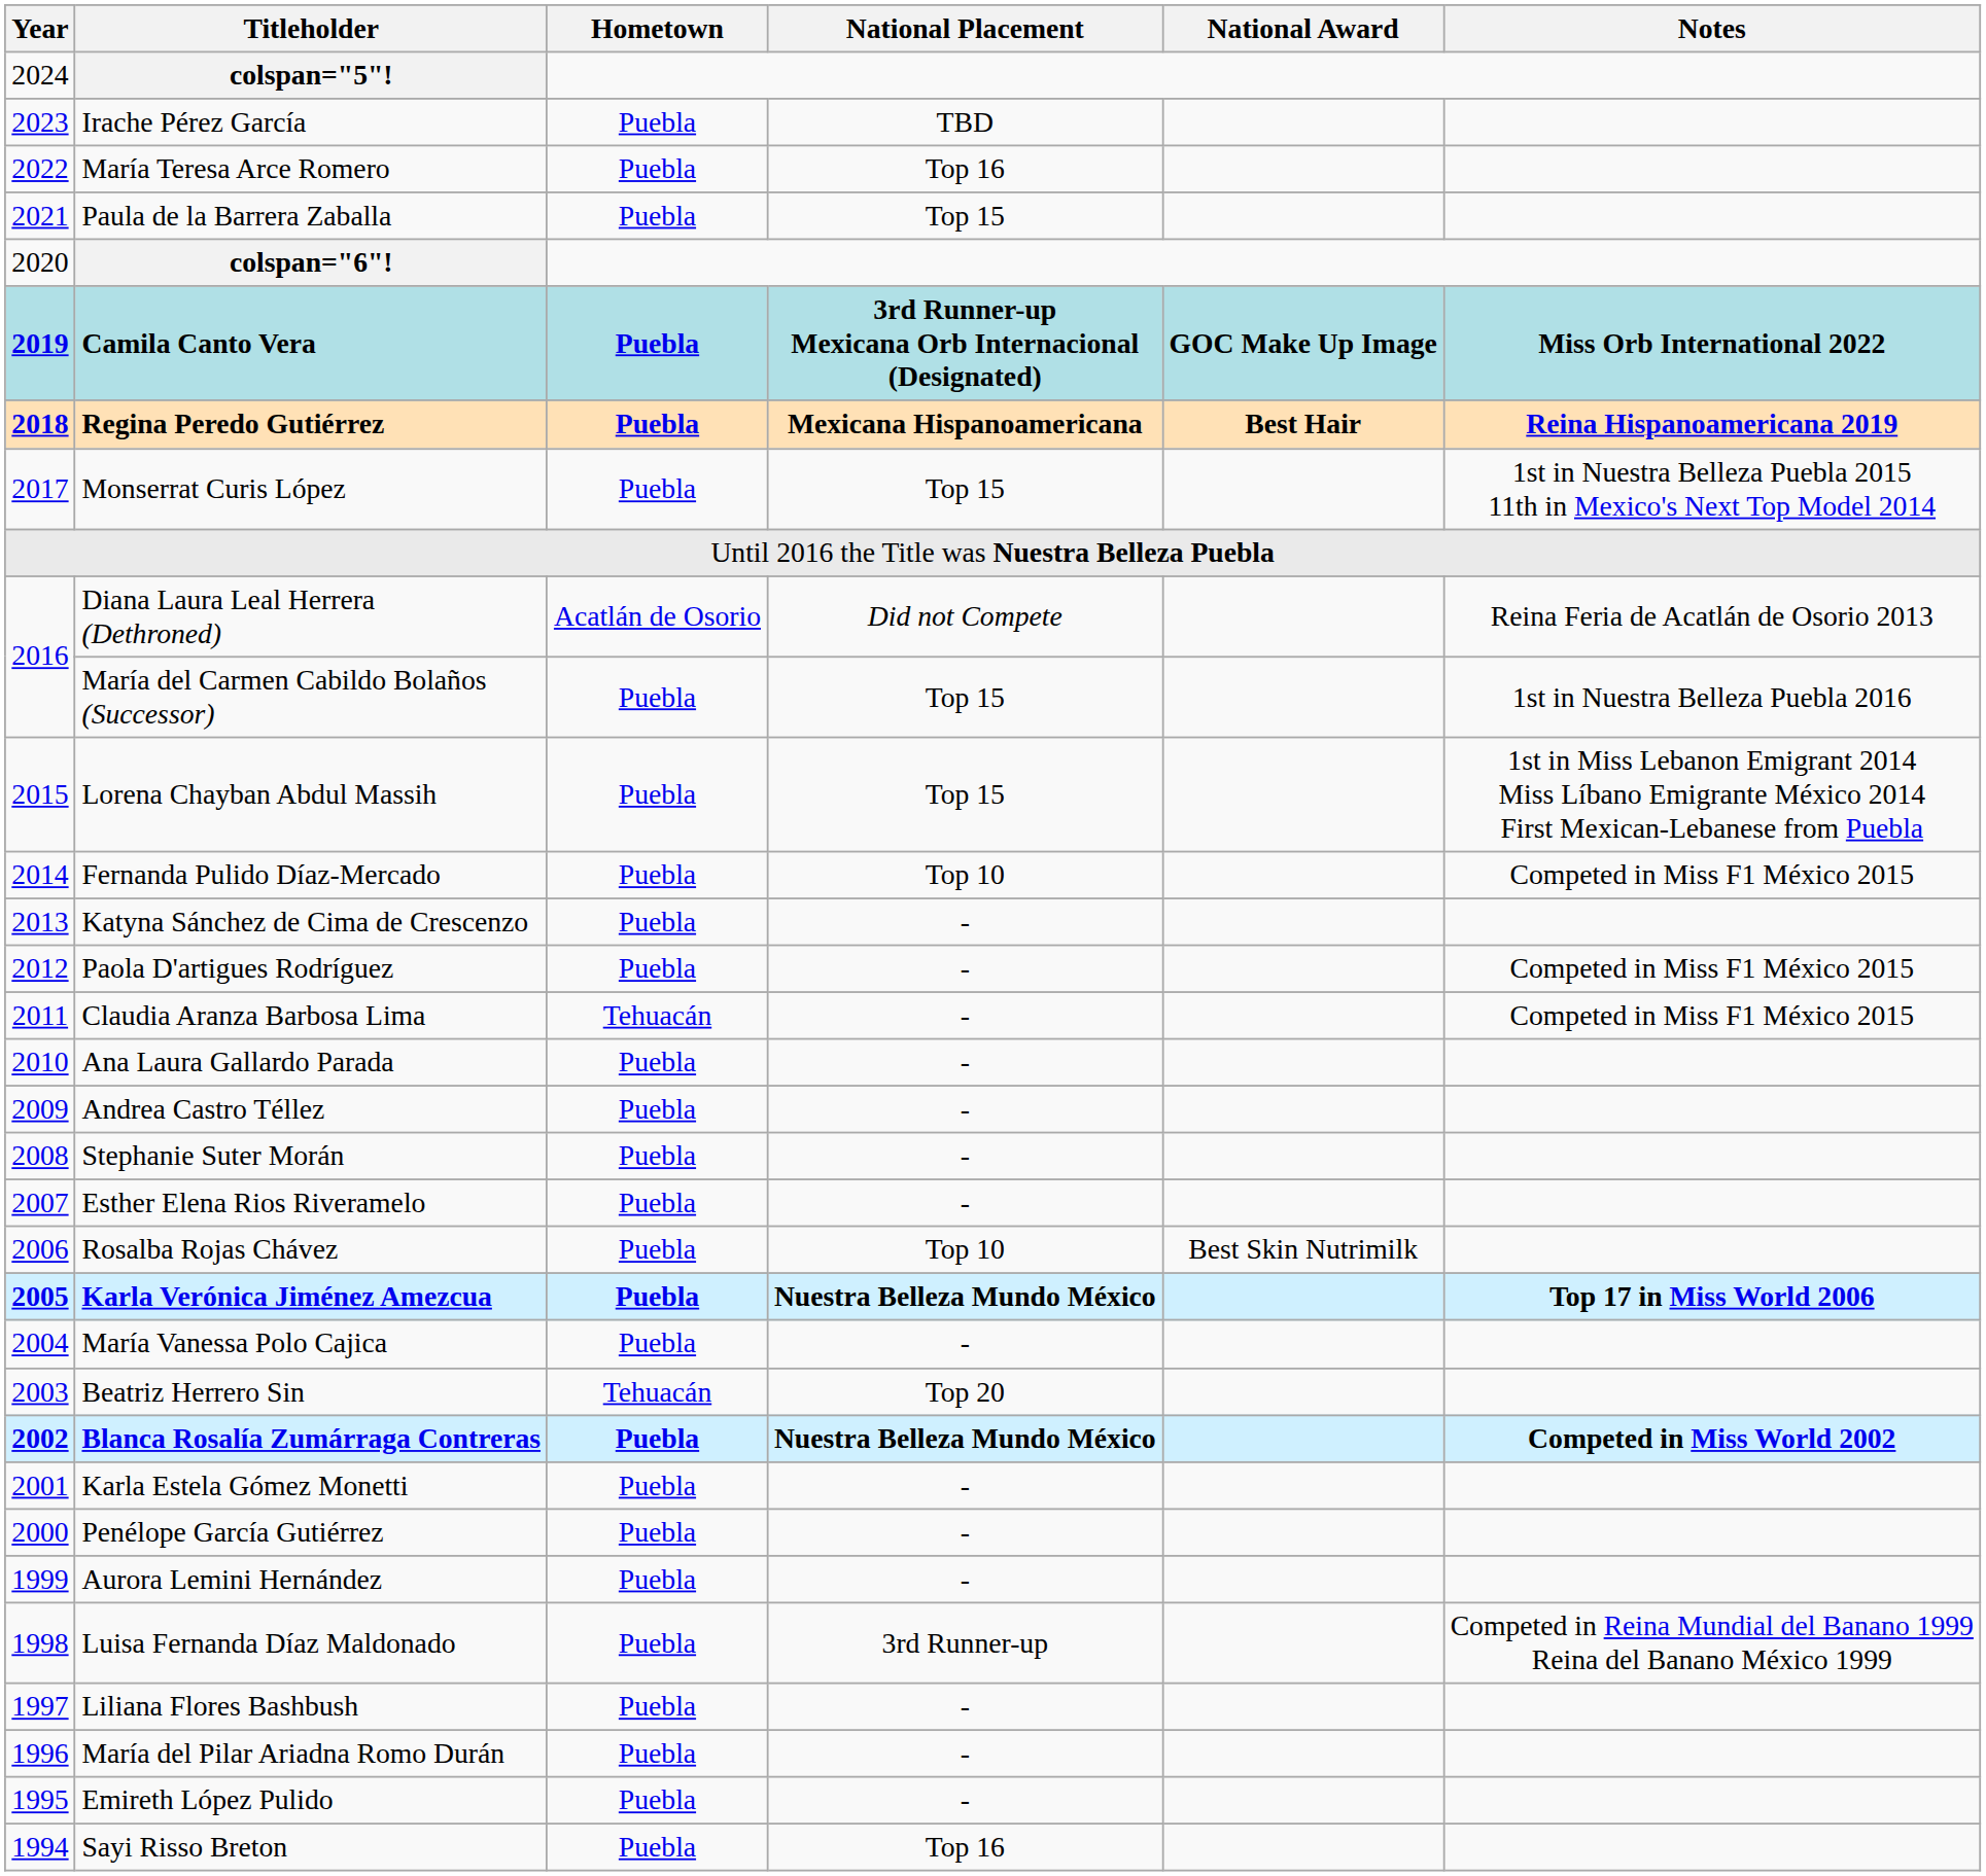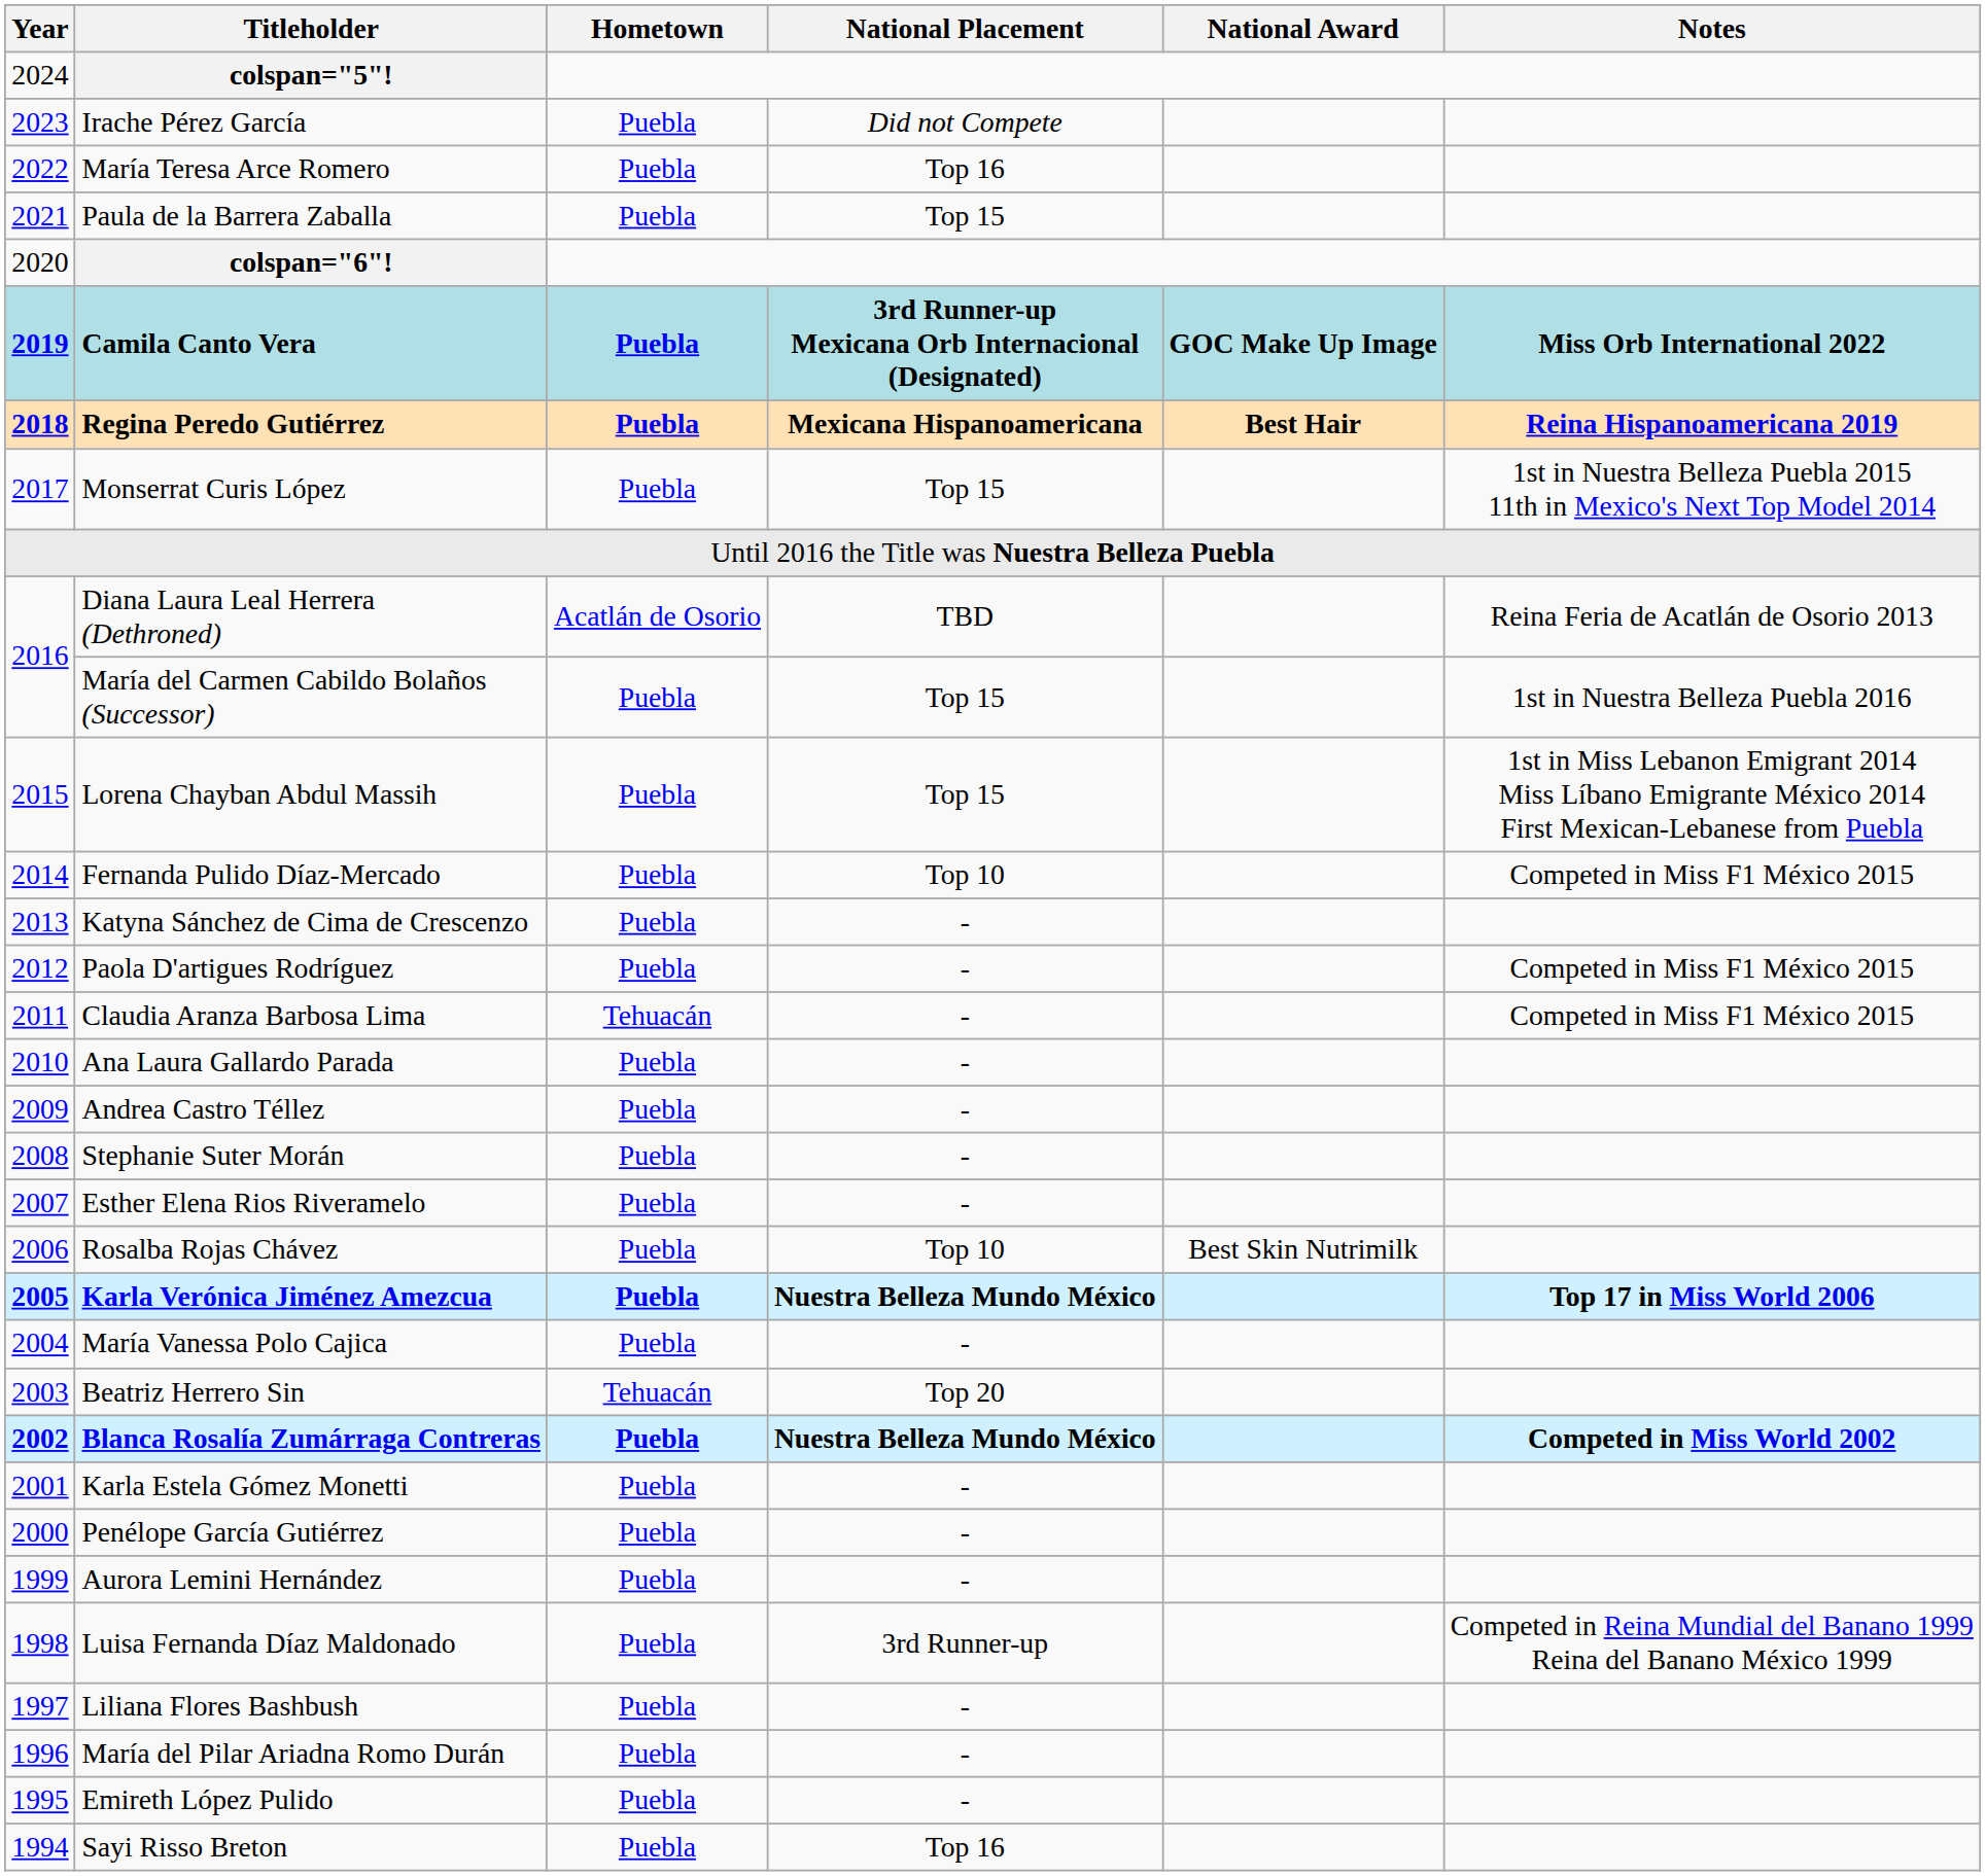 <table class="wikitable sortable" style="font-size:95%;">
 <tr>
 <th>Year</th>
 <th>Titleholder</th>
 <th>Hometown</th>
 <th>National Placement</th>
 <th>National Award</th>
 <th>Notes</th>
 </tr>
 <tr>
 <td align="center">2024</td>
 <th>colspan="5"!</th>
 </tr>
 <tr>
 <td align="center"><a href='#'>2023</a></td>
 <td>Irache Pérez García</td>
 <td align="center"><a href='#'>Puebla</a></td>
-<td align="center">TBD</td>
+<td align="center"><em>Did not Compete</em></td>
 <td align="center"></td>
 <td align="center"></td>
 </tr>
 <tr>
 <td align="center"><a href='#'>2022</a></td>
 <td>María Teresa Arce Romero</td>
 <td align="center"><a href='#'>Puebla</a></td>
 <td align="center">Top 16</td>
 <td align="center"></td>
 <td align="center"></td>
 </tr>
 <tr>
 <td align="center"><a href='#'>2021</a></td>
 <td>Paula de la Barrera Zaballa</td>
 <td align="center"><a href='#'>Puebla</a></td>
 <td align="center">Top 15</td>
 <td align="center"></td>
 <td align="center"></td>
 </tr>
 <tr>
 <td align="center">2020</td>
 <th>colspan="6"!</th>
 </tr>
 <tr bgcolor="#B0E0E6">
 <td align="center"><strong><a href='#'>2019</a></strong></td>
 <td><strong>Camila Canto Vera</strong></td>
 <td align="center"><strong><a href='#'>Puebla</a></strong></td>
 <td align="center"><strong>3rd Runner-up<br>Mexicana Orb Internacional<br>(Designated)</strong></td>
 <td align="center"><strong>GOC Make Up Image</strong></td>
 <td align="center"><strong>Miss Orb International 2022</strong></td>
 </tr>
 <tr bgcolor="#FFE1B6">
 <td align="center"><strong><a href='#'>2018</a></strong></td>
 <td><strong>Regina Peredo Gutiérrez </strong></td>
 <td align="center"><strong><a href='#'>Puebla</a></strong></td>
 <td align="center"><strong>Mexicana Hispanoamericana</strong></td>
 <td align="center"><strong>Best Hair</strong></td>
 <td align="center"><strong><a href='#'>Reina Hispanoamericana 2019</a></strong></td>
 </tr>
 <tr>
 <td align="center"><a href='#'>2017</a></td>
 <td>Monserrat Curis López</td>
 <td align="center"><a href='#'>Puebla</a></td>
 <td align="center">Top 15</td>
 <td align="center"></td>
 <td align="center">1st in Nuestra Belleza Puebla 2015<br>11th in <a href='#'>Mexico's Next Top Model 2014</a></td>
 </tr>
 <tr>
 <td colspan="7" bgcolor="#EAEAEA" style="text-align:center;">Until 2016 the Title was <strong>Nuestra Belleza Puebla</strong></td>
 </tr>
 <tr>
 <td rowspan=2 align="center"><a href='#'>2016</a></td>
 <td>Diana Laura Leal Herrera<br><em>(Dethroned)</em></td>
 <td align="center"><a href='#'>Acatlán de Osorio</a></td>
-<td align="center"><em>Did not Compete</em></td>
+<td align="center">TBD</td>
 <td align="center"></td>
 <td align="center">Reina Feria de Acatlán de Osorio 2013</td>
 </tr>
 <tr>
 <td>María del Carmen Cabildo Bolaños<br><em>(Successor)</em></td>
 <td align="center"><a href='#'>Puebla</a></td>
 <td align="center">Top 15</td>
 <td align="center"></td>
 <td align="center">1st in Nuestra Belleza Puebla 2016</td>
 </tr>
 <tr>
 <td align="center"><a href='#'>2015</a></td>
 <td>Lorena Chayban Abdul Massih</td>
 <td align="center"><a href='#'>Puebla</a></td>
 <td align="center">Top 15</td>
 <td align="center"></td>
 <td align="center">1st in Miss Lebanon Emigrant 2014<br>Miss Líbano Emigrante México 2014<br>First Mexican-Lebanese from <a href='#'>Puebla</a></td>
 </tr>
 <tr>
 <td align="center"><a href='#'>2014</a></td>
 <td>Fernanda Pulido Díaz-Mercado</td>
 <td align="center"><a href='#'>Puebla</a></td>
 <td align="center">Top 10</td>
 <td align="center"></td>
 <td align="center">Competed in Miss F1 México 2015</td>
 </tr>
 <tr>
 <td align="center"><a href='#'>2013</a></td>
 <td>Katyna Sánchez de Cima de Crescenzo</td>
 <td align="center"><a href='#'>Puebla</a></td>
 <td align="center">-</td>
 <td align="center"></td>
 <td align="center"></td>
 </tr>
 <tr>
 <td align="center"><a href='#'>2012</a></td>
 <td>Paola D'artigues Rodríguez</td>
 <td align="center"><a href='#'>Puebla</a></td>
 <td align="center">-</td>
 <td align="center"></td>
 <td align="center">Competed in Miss F1 México 2015</td>
 </tr>
 <tr>
 <td align="center"><a href='#'>2011</a></td>
 <td>Claudia Aranza Barbosa Lima</td>
 <td align="center"><a href='#'>Tehuacán</a></td>
 <td align="center">-</td>
 <td align="center"></td>
 <td align="center">Competed in Miss F1 México 2015</td>
 </tr>
 <tr>
 <td align="center"><a href='#'>2010</a></td>
 <td>Ana Laura Gallardo Parada</td>
 <td align="center"><a href='#'>Puebla</a></td>
 <td align="center">-</td>
 <td align="center"></td>
 <td align="center"></td>
 </tr>
 <tr>
 <td align="center"><a href='#'>2009</a></td>
 <td>Andrea Castro Téllez</td>
 <td align="center"><a href='#'>Puebla</a></td>
 <td align="center">-</td>
 <td align="center"></td>
 <td align="center"></td>
 </tr>
 <tr>
 <td align="center"><a href='#'>2008</a></td>
 <td>Stephanie Suter Morán</td>
 <td align="center"><a href='#'>Puebla</a></td>
 <td align="center">-</td>
 <td align="center"></td>
 <td align="center"></td>
 </tr>
 <tr>
 <td align="center"><a href='#'>2007</a></td>
 <td>Esther Elena Rios Riveramelo</td>
 <td align="center"><a href='#'>Puebla</a></td>
 <td align="center">-</td>
 <td align="center"></td>
 <td align="center"></td>
 </tr>
 <tr>
 <td align="center"><a href='#'>2006</a></td>
 <td>Rosalba Rojas Chávez</td>
 <td align="center"><a href='#'>Puebla</a></td>
 <td align="center">Top 10</td>
 <td align="center">Best Skin Nutrimilk</td>
 <td align="center"></td>
 </tr>
 <tr bgcolor="#CFF0FF">
 <td align="center"><strong><a href='#'>2005</a></strong></td>
 <td><strong><a href='#'>Karla Verónica Jiménez Amezcua</a></strong></td>
 <td align="center"><strong><a href='#'>Puebla</a></strong></td>
 <td align="center"><strong>Nuestra Belleza Mundo México</strong></td>
 <td align="center"></td>
 <td align="center"><strong>Top 17 in <a href='#'>Miss World 2006</a></strong></td>
 </tr>
 <tr>
 <td align="center"><a href='#'>2004</a></td>
 <td>María Vanessa Polo Cajica</td>
 <td align="center"><a href='#'>Puebla</a></td>
 <td align="center">-</td>
 <td align="center"></td>
 <td align="center"></td>
 </tr>
 <tr>
 <td align="center"><a href='#'>2003</a></td>
 <td>Beatriz Herrero Sin</td>
 <td align="center"><a href='#'>Tehuacán</a></td>
 <td align="center">Top 20</td>
 <td align="center"></td>
 <td align="center"></td>
 </tr>
 <tr bgcolor="#CFF0FF">
 <td align="center"><strong><a href='#'>2002</a></strong></td>
 <td><strong><a href='#'>Blanca Rosalía Zumárraga Contreras</a></strong></td>
 <td align="center"><strong><a href='#'>Puebla</a></strong></td>
 <td align="center"><strong>Nuestra Belleza Mundo México</strong></td>
 <td align="center"></td>
 <td align="center"><strong>Competed in <a href='#'>Miss World 2002</a></strong></td>
 </tr>
 <tr>
 <td align="center"><a href='#'>2001</a></td>
 <td>Karla Estela Gómez Monetti</td>
 <td align="center"><a href='#'>Puebla</a></td>
 <td align="center">-</td>
 <td align="center"></td>
 <td align="center"></td>
 </tr>
 <tr>
 <td align="center"><a href='#'>2000</a></td>
 <td>Penélope García Gutiérrez</td>
 <td align="center"><a href='#'>Puebla</a></td>
 <td align="center">-</td>
 <td align="center"></td>
 <td align="center"></td>
 </tr>
 <tr>
 <td align="center"><a href='#'>1999</a></td>
 <td>Aurora Lemini Hernández</td>
 <td align="center"><a href='#'>Puebla</a></td>
 <td align="center">-</td>
 <td align="center"></td>
 <td align="center"></td>
 </tr>
 <tr>
 <td align="center"><a href='#'>1998</a></td>
 <td>Luisa Fernanda Díaz Maldonado</td>
 <td align="center"><a href='#'>Puebla</a></td>
 <td align="center">3rd Runner-up</td>
 <td align="center"></td>
 <td align="center">Competed in <a href='#'>Reina Mundial del Banano 1999</a><br>Reina del Banano México 1999</td>
 </tr>
 <tr>
 <td align="center"><a href='#'>1997</a></td>
 <td>Liliana Flores Bashbush</td>
 <td align="center"><a href='#'>Puebla</a></td>
 <td align="center">-</td>
 <td align="center"></td>
 <td align="center"></td>
 </tr>
 <tr>
 <td align="center"><a href='#'>1996</a></td>
 <td>María del Pilar Ariadna Romo Durán</td>
 <td align="center"><a href='#'>Puebla</a></td>
 <td align="center">-</td>
 <td align="center"></td>
 <td align="center"></td>
 </tr>
 <tr>
 <td align="center"><a href='#'>1995</a></td>
 <td>Emireth López Pulido</td>
 <td align="center"><a href='#'>Puebla</a></td>
 <td align="center">-</td>
 <td align="center"></td>
 <td align="center"></td>
 </tr>
 <tr>
 <td align="center"><a href='#'>1994</a></td>
 <td>Sayi Risso Breton</td>
 <td align="center"><a href='#'>Puebla</a></td>
 <td align="center">Top 16</td>
 <td align="center"></td>
 <td align="center"></td>
 </tr>
 </table>
